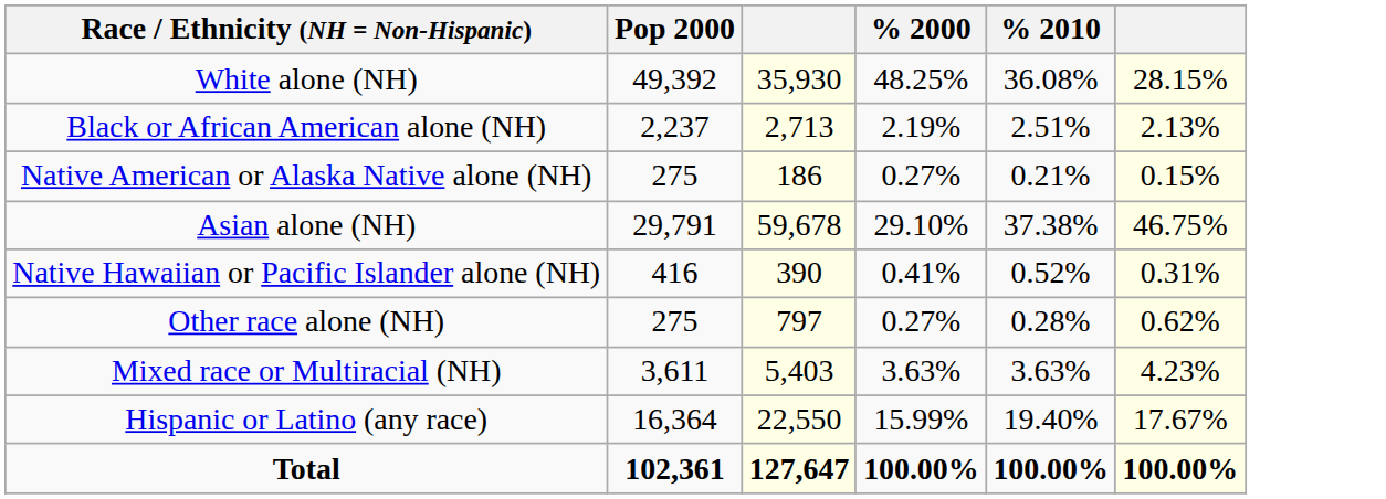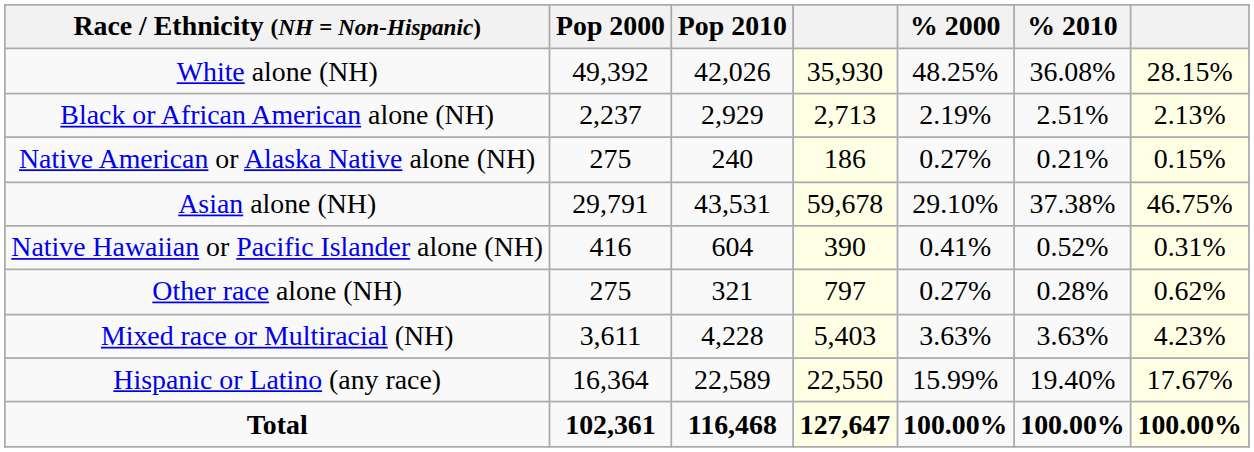 <table class="wikitable" style="text-align:center;">
 <tr>
 <th>Race / Ethnicity <small>(<em>NH = Non-Hispanic</em>)</small></th>
 <th>Pop 2000</th>
+<th>Pop 2010</th>
 <th></th>
 <th>% 2000</th>
 <th>% 2010</th>
 <th></th>
 </tr>
 <tr>
 <td><a href='#'>White</a> alone (NH)</td>
 <td>49,392</td>
+<td>42,026</td>
 <td style='background: #ffffe6;'>35,930</td>
 <td>48.25%</td>
 <td>36.08%</td>
 <td style='background: #ffffe6;'>28.15%</td>
 </tr>
 <tr>
 <td><a href='#'>Black or African American</a> alone (NH)</td>
 <td>2,237</td>
+<td>2,929</td>
 <td style='background: #ffffe6;'>2,713</td>
 <td>2.19%</td>
 <td>2.51%</td>
 <td style='background: #ffffe6;'>2.13%</td>
 </tr>
 <tr>
 <td><a href='#'>Native American</a> or <a href='#'>Alaska Native</a> alone (NH)</td>
 <td>275</td>
+<td>240</td>
 <td style='background: #ffffe6;'>186</td>
 <td>0.27%</td>
 <td>0.21%</td>
 <td style='background: #ffffe6;'>0.15%</td>
 </tr>
 <tr>
 <td><a href='#'>Asian</a> alone (NH)</td>
 <td>29,791</td>
+<td>43,531</td>
 <td style='background: #ffffe6;'>59,678</td>
 <td>29.10%</td>
 <td>37.38%</td>
 <td style='background: #ffffe6;'>46.75%</td>
 </tr>
 <tr>
 <td><a href='#'>Native Hawaiian</a> or <a href='#'>Pacific Islander</a> alone (NH)</td>
 <td>416</td>
+<td>604</td>
 <td style='background: #ffffe6;'>390</td>
 <td>0.41%</td>
 <td>0.52%</td>
 <td style='background: #ffffe6;'>0.31%</td>
 </tr>
 <tr>
 <td><a href='#'>Other race</a> alone (NH)</td>
 <td>275</td>
+<td>321</td>
 <td style='background: #ffffe6;'>797</td>
 <td>0.27%</td>
 <td>0.28%</td>
 <td style='background: #ffffe6;'>0.62%</td>
 </tr>
 <tr>
 <td><a href='#'>Mixed race or Multiracial</a> (NH)</td>
 <td>3,611</td>
+<td>4,228</td>
 <td style='background: #ffffe6;'>5,403</td>
 <td>3.63%</td>
 <td>3.63%</td>
 <td style='background: #ffffe6;'>4.23%</td>
 </tr>
 <tr>
 <td><a href='#'>Hispanic or Latino</a> (any race)</td>
 <td>16,364</td>
+<td>22,589</td>
 <td style='background: #ffffe6;'>22,550</td>
 <td>15.99%</td>
 <td>19.40%</td>
 <td style='background: #ffffe6;'>17.67%</td>
 </tr>
 <tr>
 <td><strong>Total</strong></td>
 <td><strong>102,361</strong></td>
+<td><strong>116,468</strong></td>
 <td style='background: #ffffe6;'><strong>127,647</strong></td>
 <td><strong>100.00%</strong></td>
 <td><strong>100.00%</strong></td>
 <td style='background: #ffffe6;'><strong>100.00%</strong></td>
 </tr>
 </table>
